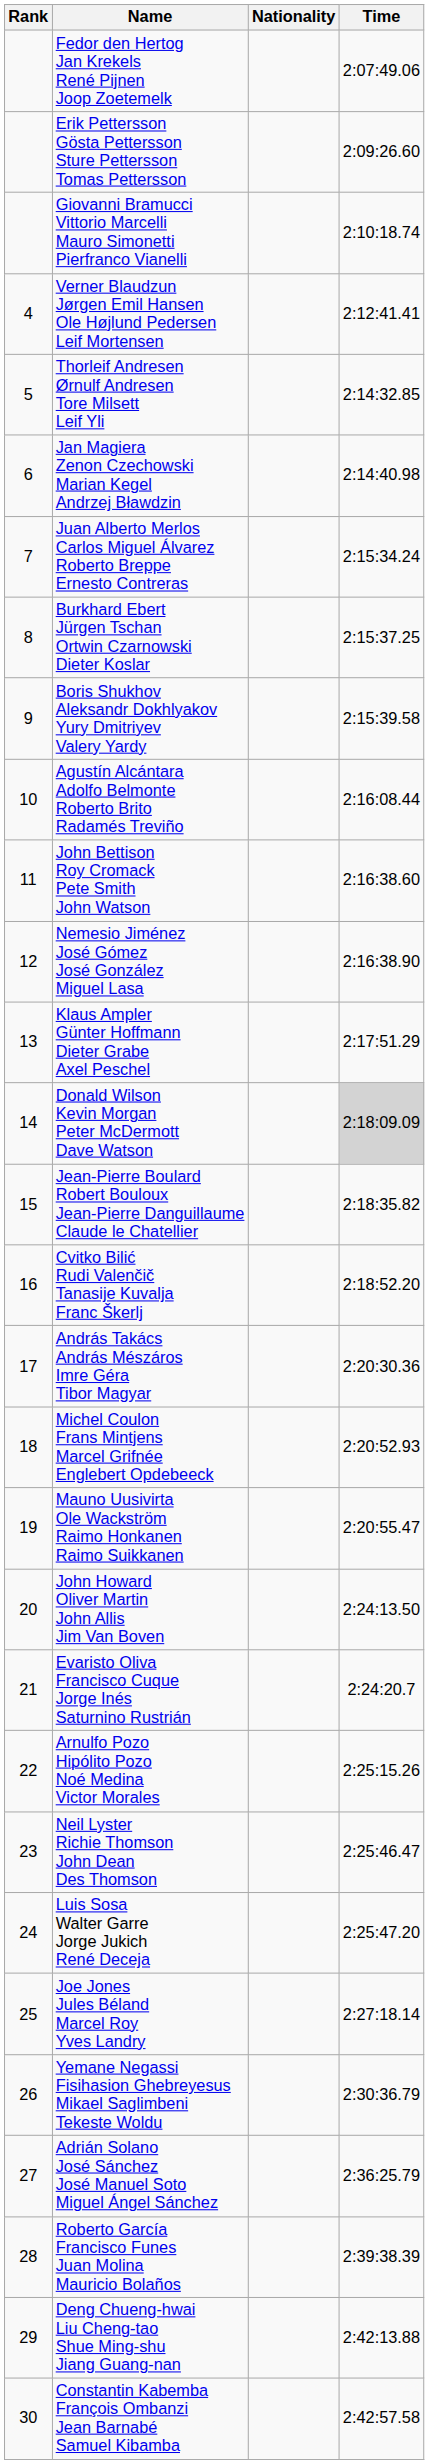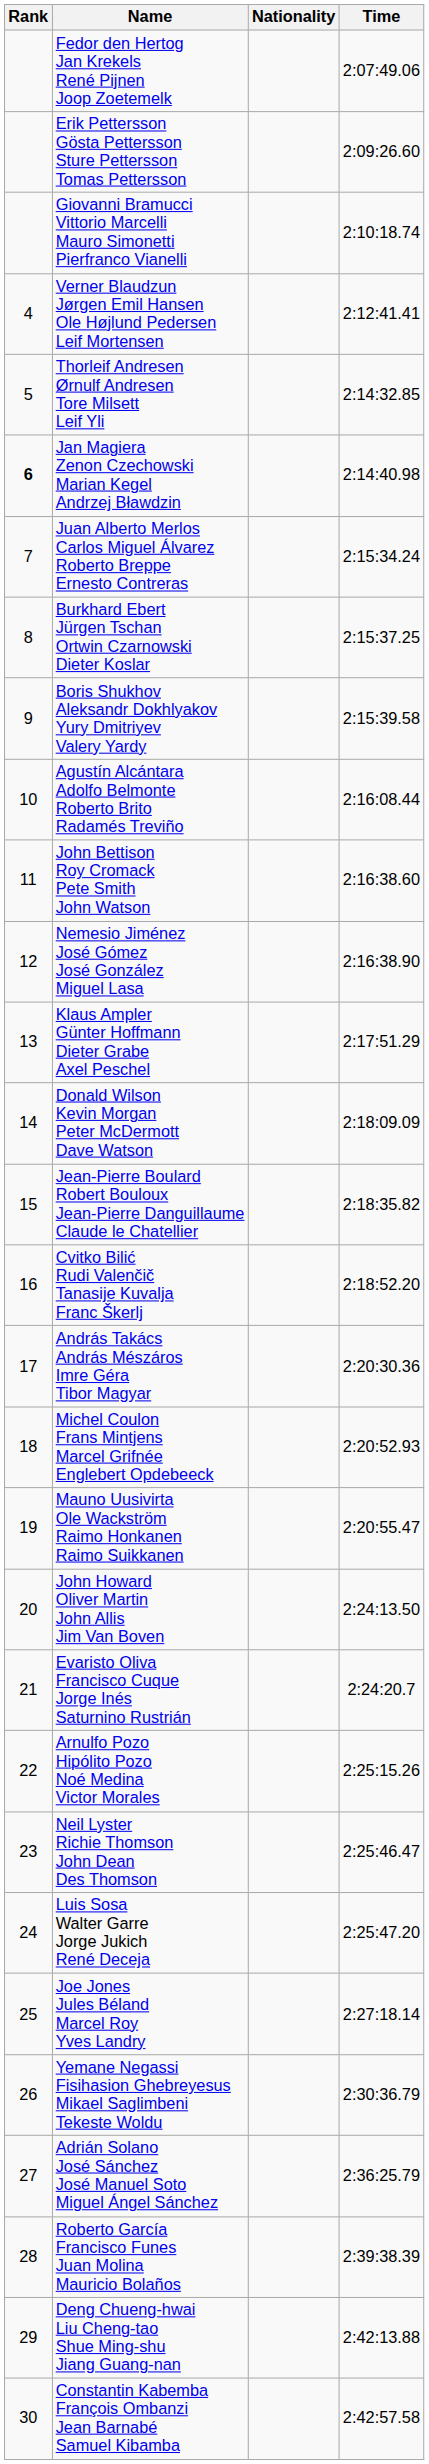 <table class="wikitable sortable" style="text-align:center">
 <tr>
 <th>Rank</th>
 <th>Name</th>
 <th>Nationality</th>
 <th>Time</th>
 </tr>
 <tr>
 <td></td>
 <td align=left><a href='#'>Fedor den Hertog</a><br><a href='#'>Jan Krekels</a><br><a href='#'>René Pijnen</a><br><a href='#'>Joop Zoetemelk</a></td>
 <td align=left></td>
 <td>2:07:49.06</td>
 </tr>
 <tr>
 <td></td>
 <td align=left><a href='#'>Erik Pettersson</a><br><a href='#'>Gösta Pettersson</a><br><a href='#'>Sture Pettersson</a><br><a href='#'>Tomas Pettersson</a></td>
 <td align=left></td>
 <td>2:09:26.60</td>
 </tr>
 <tr>
 <td></td>
 <td align=left><a href='#'>Giovanni Bramucci</a><br><a href='#'>Vittorio Marcelli</a><br><a href='#'>Mauro Simonetti</a><br><a href='#'>Pierfranco Vianelli</a></td>
 <td align=left></td>
 <td>2:10:18.74</td>
 </tr>
 <tr>
 <td>4</td>
 <td align=left><a href='#'>Verner Blaudzun</a><br><a href='#'>Jørgen Emil Hansen</a><br><a href='#'>Ole Højlund Pedersen</a><br><a href='#'>Leif Mortensen</a></td>
 <td align=left></td>
 <td>2:12:41.41</td>
 </tr>
 <tr>
 <td>5</td>
 <td align=left><a href='#'>Thorleif Andresen</a><br><a href='#'>Ørnulf Andresen</a><br><a href='#'>Tore Milsett</a><br><a href='#'>Leif Yli</a></td>
 <td align=left></td>
 <td>2:14:32.85</td>
 </tr>
 <tr>
-<td>6</td>
+<td><strong>6</strong></td>
 <td align=left><a href='#'>Jan Magiera</a><br><a href='#'>Zenon Czechowski</a><br><a href='#'>Marian Kegel</a><br><a href='#'>Andrzej Bławdzin</a></td>
 <td align=left></td>
 <td>2:14:40.98</td>
 </tr>
 <tr>
 <td>7</td>
 <td align=left><a href='#'>Juan Alberto Merlos</a><br><a href='#'>Carlos Miguel Álvarez</a><br><a href='#'>Roberto Breppe</a><br><a href='#'>Ernesto Contreras</a></td>
 <td align=left></td>
 <td>2:15:34.24</td>
 </tr>
 <tr>
 <td>8</td>
 <td align=left><a href='#'>Burkhard Ebert</a><br><a href='#'>Jürgen Tschan</a><br><a href='#'>Ortwin Czarnowski</a><br><a href='#'>Dieter Koslar</a></td>
 <td align=left></td>
 <td>2:15:37.25</td>
 </tr>
 <tr>
 <td>9</td>
 <td align=left><a href='#'>Boris Shukhov</a><br><a href='#'>Aleksandr Dokhlyakov</a><br><a href='#'>Yury Dmitriyev</a><br><a href='#'>Valery Yardy</a></td>
 <td align=left></td>
 <td>2:15:39.58</td>
 </tr>
 <tr>
 <td>10</td>
 <td align=left><a href='#'>Agustín Alcántara</a><br><a href='#'>Adolfo Belmonte</a><br><a href='#'>Roberto Brito</a><br><a href='#'>Radamés Treviño</a></td>
 <td align=left></td>
 <td>2:16:08.44</td>
 </tr>
 <tr>
 <td>11</td>
 <td align=left><a href='#'>John Bettison</a><br><a href='#'>Roy Cromack</a><br><a href='#'>Pete Smith</a><br><a href='#'>John Watson</a></td>
 <td align=left></td>
 <td>2:16:38.60</td>
 </tr>
 <tr>
 <td>12</td>
 <td align=left><a href='#'>Nemesio Jiménez</a><br><a href='#'>José Gómez</a><br><a href='#'>José González</a><br><a href='#'>Miguel Lasa</a></td>
 <td align=left></td>
 <td>2:16:38.90</td>
 </tr>
 <tr>
 <td>13</td>
 <td align=left><a href='#'>Klaus Ampler</a><br><a href='#'>Günter Hoffmann</a><br><a href='#'>Dieter Grabe</a><br><a href='#'>Axel Peschel</a></td>
 <td align=left></td>
 <td>2:17:51.29</td>
 </tr>
 <tr>
 <td>14</td>
 <td align=left><a href='#'>Donald Wilson</a><br><a href='#'>Kevin Morgan</a><br><a href='#'>Peter McDermott</a><br><a href='#'>Dave Watson</a></td>
 <td align=left></td>
-<td style="background: lightgrey;">2:18:09.09</td>
+<td>2:18:09.09</td>
 </tr>
 <tr>
 <td>15</td>
 <td align=left><a href='#'>Jean-Pierre Boulard</a><br><a href='#'>Robert Bouloux</a><br><a href='#'>Jean-Pierre Danguillaume</a><br><a href='#'>Claude le Chatellier</a></td>
 <td align=left></td>
 <td>2:18:35.82</td>
 </tr>
 <tr>
 <td>16</td>
 <td align=left><a href='#'>Cvitko Bilić</a><br><a href='#'>Rudi Valenčič</a><br><a href='#'>Tanasije Kuvalja</a><br><a href='#'>Franc Škerlj</a></td>
 <td align=left></td>
 <td>2:18:52.20</td>
 </tr>
 <tr>
 <td>17</td>
 <td align=left><a href='#'>András Takács</a><br><a href='#'>András Mészáros</a><br><a href='#'>Imre Géra</a><br><a href='#'>Tibor Magyar</a></td>
 <td align=left></td>
 <td>2:20:30.36</td>
 </tr>
 <tr>
 <td>18</td>
 <td align=left><a href='#'>Michel Coulon</a><br><a href='#'>Frans Mintjens</a><br><a href='#'>Marcel Grifnée</a><br><a href='#'>Englebert Opdebeeck</a></td>
 <td align=left></td>
 <td>2:20:52.93</td>
 </tr>
 <tr>
 <td>19</td>
 <td align=left><a href='#'>Mauno Uusivirta</a><br><a href='#'>Ole Wackström</a><br><a href='#'>Raimo Honkanen</a><br><a href='#'>Raimo Suikkanen</a></td>
 <td align=left></td>
 <td>2:20:55.47</td>
 </tr>
 <tr>
 <td>20</td>
 <td align=left><a href='#'>John Howard</a><br><a href='#'>Oliver Martin</a><br><a href='#'>John Allis</a><br><a href='#'>Jim Van Boven</a></td>
 <td align=left></td>
 <td>2:24:13.50</td>
 </tr>
 <tr>
 <td>21</td>
 <td align=left><a href='#'>Evaristo Oliva</a><br><a href='#'>Francisco Cuque</a><br><a href='#'>Jorge Inés</a><br><a href='#'>Saturnino Rustrián</a></td>
 <td align=left></td>
 <td>2:24:20.7</td>
 </tr>
 <tr>
 <td>22</td>
 <td align=left><a href='#'>Arnulfo Pozo</a><br><a href='#'>Hipólito Pozo</a><br><a href='#'>Noé Medina</a><br><a href='#'>Victor Morales</a></td>
 <td align=left></td>
 <td>2:25:15.26</td>
 </tr>
 <tr>
 <td>23</td>
 <td align=left><a href='#'>Neil Lyster</a><br><a href='#'>Richie Thomson</a><br><a href='#'>John Dean</a><br><a href='#'>Des Thomson</a></td>
 <td align=left></td>
 <td>2:25:46.47</td>
 </tr>
 <tr>
 <td>24</td>
 <td align=left><a href='#'>Luis Sosa</a><br>Walter Garre<br>Jorge Jukich<br><a href='#'>René Deceja</a></td>
 <td align=left></td>
 <td>2:25:47.20</td>
 </tr>
 <tr>
 <td>25</td>
 <td align=left><a href='#'>Joe Jones</a><br><a href='#'>Jules Béland</a><br><a href='#'>Marcel Roy</a><br><a href='#'>Yves Landry</a></td>
 <td align=left></td>
 <td>2:27:18.14</td>
 </tr>
 <tr>
 <td>26</td>
 <td align=left><a href='#'>Yemane Negassi</a><br><a href='#'>Fisihasion Ghebreyesus</a><br><a href='#'>Mikael Saglimbeni</a><br><a href='#'>Tekeste Woldu</a></td>
 <td align=left></td>
 <td>2:30:36.79</td>
 </tr>
 <tr>
 <td>27</td>
 <td align=left><a href='#'>Adrián Solano</a><br><a href='#'>José Sánchez</a><br><a href='#'>José Manuel Soto</a><br><a href='#'>Miguel Ángel Sánchez</a></td>
 <td align=left></td>
 <td>2:36:25.79</td>
 </tr>
 <tr>
 <td>28</td>
 <td align=left><a href='#'>Roberto García</a><br><a href='#'>Francisco Funes</a><br><a href='#'>Juan Molina</a><br><a href='#'>Mauricio Bolaños</a></td>
 <td align=left></td>
 <td>2:39:38.39</td>
 </tr>
 <tr>
 <td>29</td>
 <td align=left><a href='#'>Deng Chueng-hwai</a><br><a href='#'>Liu Cheng-tao</a><br><a href='#'>Shue Ming-shu</a><br><a href='#'>Jiang Guang-nan</a></td>
 <td align=left></td>
 <td>2:42:13.88</td>
 </tr>
 <tr>
 <td>30</td>
 <td align=left><a href='#'>Constantin Kabemba</a><br><a href='#'>François Ombanzi</a><br><a href='#'>Jean Barnabé</a><br><a href='#'>Samuel Kibamba</a></td>
 <td align=left></td>
 <td>2:42:57.58</td>
 </tr>
 <tr>
 </tr>
 </table>
